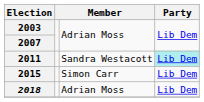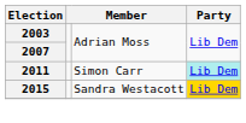 <table class="wikitable">
 <tr>
 <th>Election</th>
 <th colspan="2">Member</th>
 <th>Party</th>
 </tr>
 <tr>
 <th>2003</th>
 <td rowspan="2" style="background-color: "></td>
 <td rowspan="2">Adrian Moss</td>
 <td rowspan="2"><a href='#'>Lib Dem</a></td>
 </tr>
 <tr>
 <th>2007</th>
 </tr>
 <tr>
 <th>2011</th>
 <td style="background-color: "></td>
-<td>Sandra Westacott</td>
+<td>Simon Carr</td>
 <td style="background: paleturquoise;"><a href='#'>Lib Dem</a></td>
 </tr>
 <tr>
 <th>2015</th>
 <td style="background-color: "></td>
-<td>Simon Carr</td>
-<td><a href='#'>Lib Dem</a></td>
-</tr>
-<tr>
-<th><em>2018</em></th>
-<td style="background-color: "></td>
-<td>Adrian Moss</td>
-<td><a href='#'>Lib Dem</a></td>
+<td>Sandra Westacott</td>
+<td style="background: gold;"><a href='#'>Lib Dem</a></td>
 </tr>
 <tr>
 </tr>
 </table>
